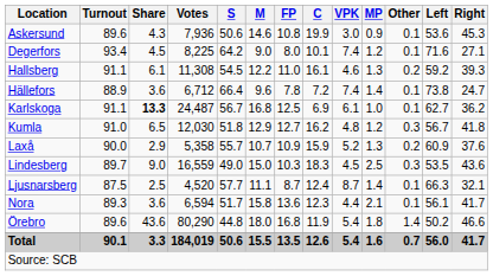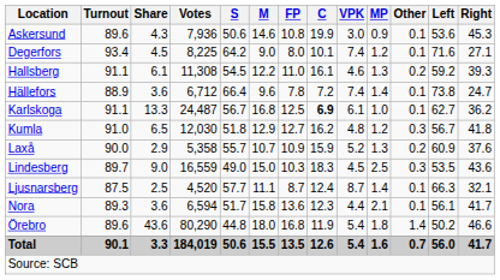 <table class="wikitable sortable" style=text-align:right>
 <tr>
 <th>Location</th>
 <th>Turnout</th>
 <th>Share</th>
 <th>Votes</th>
 <th><a href='#'>S</a></th>
 <th><a href='#'>M</a></th>
 <th><a href='#'>FP</a></th>
 <th><a href='#'>C</a></th>
 <th><a href='#'>VPK</a></th>
 <th><a href='#'>MP</a></th>
 <th>Other</th>
 <th>Left</th>
 <th>Right</th>
 </tr>
 <tr>
 <td align=left><a href='#'>Askersund</a></td>
 <td>89.6</td>
 <td>4.3</td>
 <td>7,936</td>
 <td>50.6</td>
 <td>14.6</td>
 <td>10.8</td>
 <td>19.9</td>
 <td>3.0</td>
 <td>0.9</td>
 <td>0.1</td>
 <td>53.6</td>
 <td>45.3</td>
 </tr>
 <tr>
 <td align=left><a href='#'>Degerfors</a></td>
 <td>93.4</td>
 <td>4.5</td>
 <td>8,225</td>
 <td>64.2</td>
 <td>9.0</td>
 <td>8.0</td>
 <td>10.1</td>
 <td>7.4</td>
 <td>1.2</td>
 <td>0.1</td>
 <td>71.6</td>
 <td>27.1</td>
 </tr>
 <tr>
 <td align=left><a href='#'>Hallsberg</a></td>
 <td>91.1</td>
 <td>6.1</td>
 <td>11,308</td>
 <td>54.5</td>
 <td>12.2</td>
 <td>11.0</td>
 <td>16.1</td>
 <td>4.6</td>
 <td>1.3</td>
 <td>0.2</td>
 <td>59.2</td>
 <td>39.3</td>
 </tr>
 <tr>
 <td align=left><a href='#'>Hällefors</a></td>
 <td>88.9</td>
 <td>3.6</td>
 <td>6,712</td>
 <td>66.4</td>
 <td>9.6</td>
 <td>7.8</td>
 <td>7.2</td>
 <td>7.4</td>
 <td>1.4</td>
 <td>0.1</td>
 <td>73.8</td>
 <td>24.7</td>
 </tr>
 <tr>
 <td align=left><a href='#'>Karlskoga</a></td>
 <td>91.1</td>
-<td><strong>13.3</strong></td>
+<td>13.3</td>
 <td>24,487</td>
 <td>56.7</td>
 <td>16.8</td>
 <td>12.5</td>
-<td>6.9</td>
+<td><strong>6.9</strong></td>
 <td>6.1</td>
 <td>1.0</td>
 <td>0.1</td>
 <td>62.7</td>
 <td>36.2</td>
 </tr>
 <tr>
 <td align=left><a href='#'>Kumla</a></td>
 <td>91.0</td>
 <td>6.5</td>
 <td>12,030</td>
 <td>51.8</td>
 <td>12.9</td>
 <td>12.7</td>
 <td>16.2</td>
 <td>4.8</td>
 <td>1.2</td>
 <td>0.3</td>
 <td>56.7</td>
 <td>41.8</td>
 </tr>
 <tr>
 <td align=left><a href='#'>Laxå</a></td>
 <td>90.0</td>
 <td>2.9</td>
 <td>5,358</td>
 <td>55.7</td>
 <td>10.7</td>
 <td>10.9</td>
 <td>15.9</td>
 <td>5.2</td>
 <td>1.3</td>
 <td>0.2</td>
 <td>60.9</td>
 <td>37.6</td>
 </tr>
 <tr>
 <td align=left><a href='#'>Lindesberg</a></td>
 <td>89.7</td>
 <td>9.0</td>
 <td>16,559</td>
 <td>49.0</td>
 <td>15.0</td>
 <td>10.3</td>
 <td>18.3</td>
 <td>4.5</td>
 <td>2.5</td>
 <td>0.3</td>
 <td>53.5</td>
 <td>43.6</td>
 </tr>
 <tr>
 <td align=left><a href='#'>Ljusnarsberg</a></td>
 <td>87.5</td>
 <td>2.5</td>
 <td>4,520</td>
 <td>57.7</td>
 <td>11.1</td>
 <td>8.7</td>
 <td>12.4</td>
 <td>8.7</td>
 <td>1.4</td>
 <td>0.1</td>
 <td>66.3</td>
 <td>32.1</td>
 </tr>
 <tr>
 <td align=left><a href='#'>Nora</a></td>
 <td>89.3</td>
 <td>3.6</td>
 <td>6,594</td>
 <td>51.7</td>
 <td>15.8</td>
 <td>13.6</td>
 <td>12.3</td>
 <td>4.4</td>
 <td>2.1</td>
 <td>0.1</td>
 <td>56.1</td>
 <td>41.7</td>
 </tr>
 <tr>
 <td align=left><a href='#'>Örebro</a></td>
 <td>89.6</td>
 <td>43.6</td>
 <td>80,290</td>
 <td>44.8</td>
 <td>18.0</td>
 <td>16.8</td>
 <td>11.9</td>
 <td>5.4</td>
 <td>1.8</td>
 <td>1.4</td>
 <td>50.2</td>
 <td>46.6</td>
 </tr>
 <tr>
 </tr>
 <tr style="background:#CDCDCD;">
 <td align=left><strong>Total</strong></td>
 <td><strong>90.1</strong></td>
 <td><strong>3.3</strong></td>
 <td><strong>184,019</strong></td>
 <td><strong>50.6</strong></td>
 <td><strong>15.5</strong></td>
 <td><strong>13.5</strong></td>
 <td><strong>12.6</strong></td>
 <td><strong>5.4</strong></td>
 <td><strong>1.6</strong></td>
 <td><strong>0.7</strong></td>
 <td><strong>56.0</strong></td>
 <td><strong>41.7</strong></td>
 </tr>
 <tr>
 <td align=left colspan=13>Source: SCB </td>
 </tr>
 </table>
